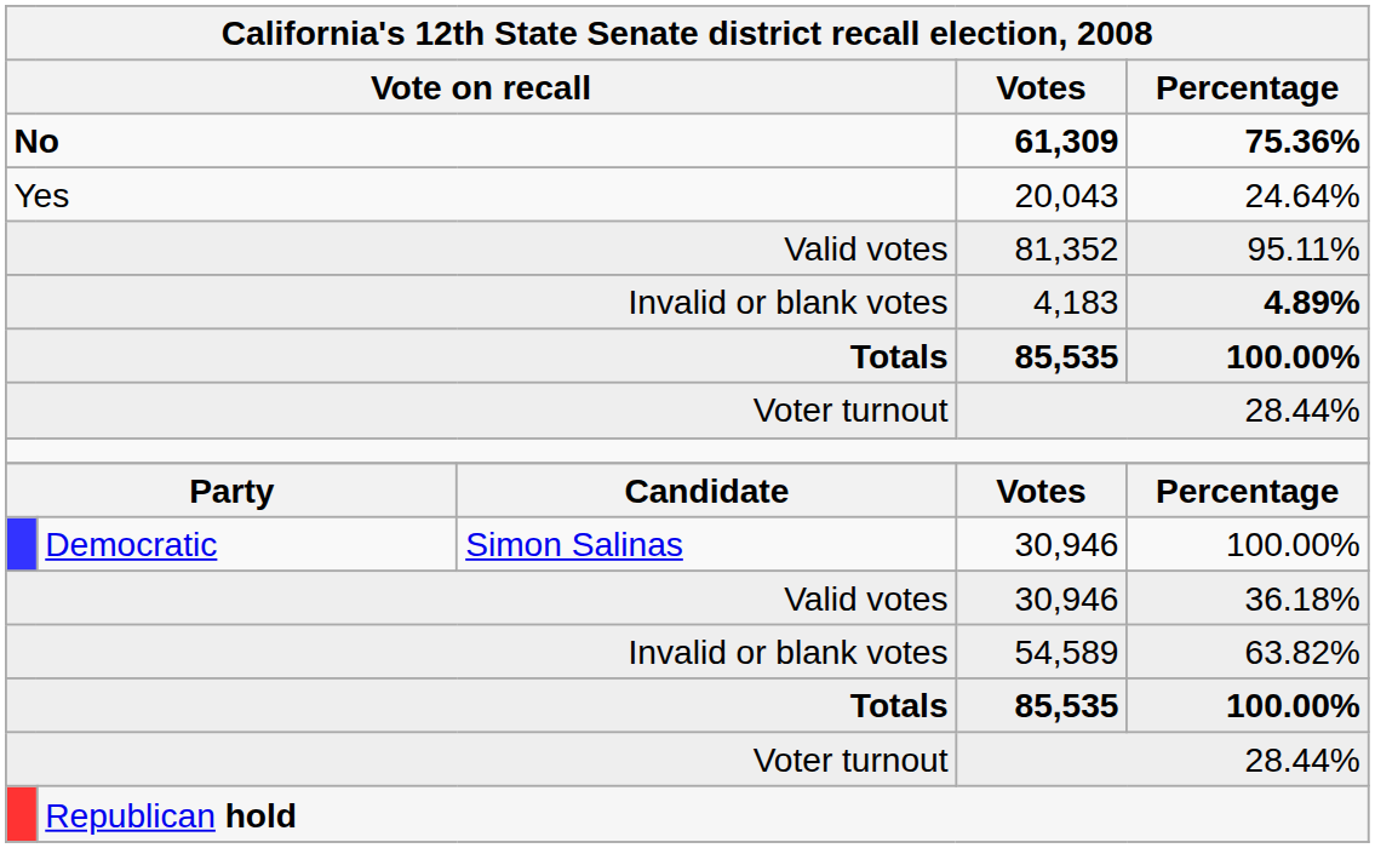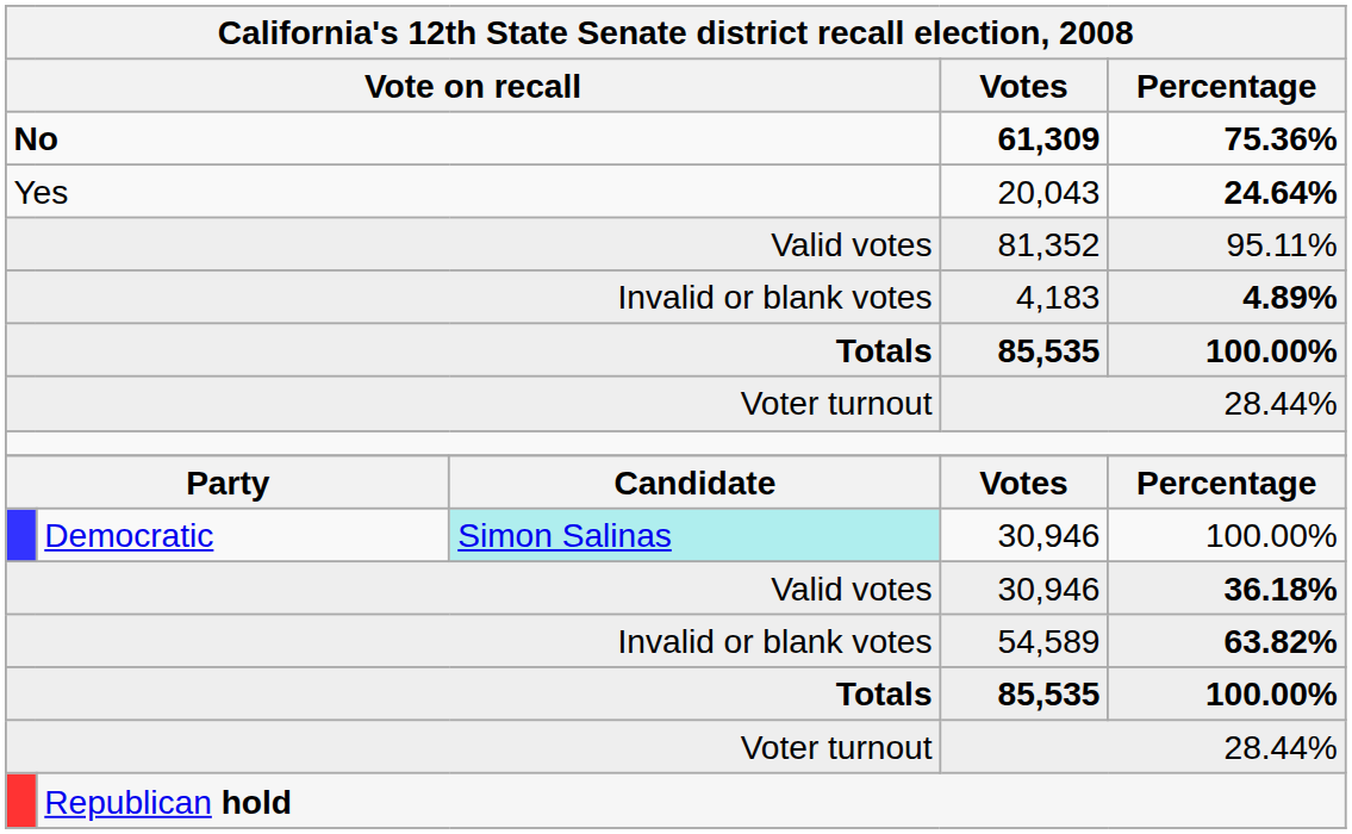 <table class="wikitable" style="font-size:95%;">
 <tr>
 <th colspan="5">California's 12th State Senate district recall election, 2008</th>
 </tr>
 <tr>
 <th colspan="3" style="width: 32em">Vote on recall</th>
 <th style="width: 5em">Votes</th>
 <th style="width: 7em">Percentage</th>
 </tr>
 <tr>
 <td colspan=3> <strong>No</strong></td>
 <td align="right"><strong>61,309</strong></td>
 <td align="right"><strong>75.36%</strong></td>
 </tr>
 <tr>
 <td colspan=3>Yes</td>
 <td align="right">20,043</td>
-<td align="right">24.64%</td>
+<td align="right"><strong>24.64%</strong></td>
 </tr>
 <tr bgcolor="#EEEEEE">
 <td colspan="3" align="right">Valid votes</td>
 <td align="right">81,352</td>
 <td align="right">95.11%</td>
 </tr>
 <tr bgcolor="#EEEEEE">
 <td colspan="3" align="right">Invalid or blank votes</td>
 <td align="right">4,183</td>
 <td align="right"><strong>4.89%</strong></td>
 </tr>
 <tr bgcolor="#EEEEEE">
 <td colspan="3" align="right"><strong>Totals</strong></td>
 <td align="right"><strong>85,535</strong></td>
 <td align="right"><strong>100.00%</strong></td>
 </tr>
 <tr bgcolor="#EEEEEE">
 <td colspan="3" align="right">Voter turnout</td>
 <td colspan="2" align="right">28.44%</td>
 </tr>
 <tr>
 <td colspan="5" style="height:0.3em"></td>
 </tr>
 <tr style="background-color:#3333FF">
 </tr>
 <tr bgcolor="#EEEEEE">
 <th colspan=2 style="width: 15em">Party</th>
 <th style="width: 17em">Candidate</th>
 <th style="width: 5em">Votes</th>
 <th style="width: 7em">Percentage</th>
 </tr>
 <tr>
 <th style="background-color:#3333FF; width: 3px"></th>
 <td style="width: 130px"><a href='#'>Democratic</a></td>
-<td><a href='#'>Simon Salinas</a></td>
+<td style="background: paleturquoise;"><a href='#'>Simon Salinas</a></td>
 <td align="right">30,946</td>
 <td align="right">100.00%</td>
 </tr>
 <tr bgcolor="#EEEEEE">
 <td colspan="3" align="right">Valid votes</td>
 <td align="right">30,946</td>
-<td align="right">36.18%</td>
+<td align="right"><strong>36.18%</strong></td>
 </tr>
 <tr bgcolor="#EEEEEE">
 <td colspan="3" align="right">Invalid or blank votes</td>
 <td align="right">54,589</td>
-<td align="right">63.82%</td>
+<td align="right"><strong>63.82%</strong></td>
 </tr>
 <tr bgcolor="#EEEEEE">
 <td colspan="3" align="right"><strong>Totals</strong></td>
 <td align="right"><strong>85,535</strong></td>
 <td align="right"><strong>100.00%</strong></td>
 </tr>
 <tr bgcolor="#EEEEEE">
 <td colspan="3" align="right">Voter turnout</td>
 <td colspan="2" align="right">28.44%</td>
 </tr>
 <tr style="background-color:#F6F6F6">
 <th style="background-color:#FF3333"></th>
 <td colspan="4"><a href='#'>Republican</a> <strong>hold</strong></td>
 </tr>
 </table>
